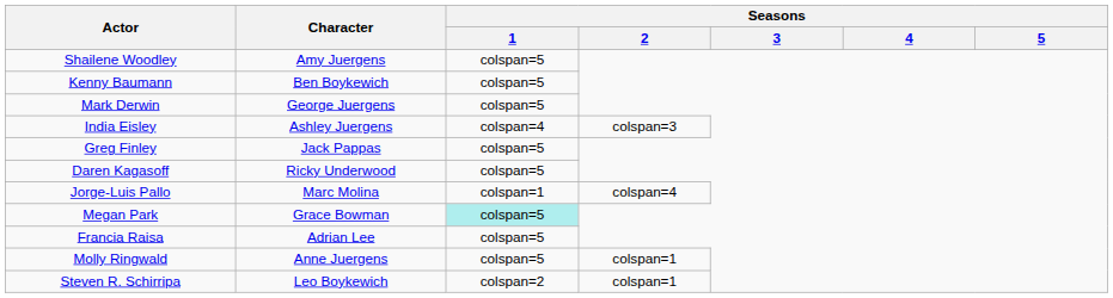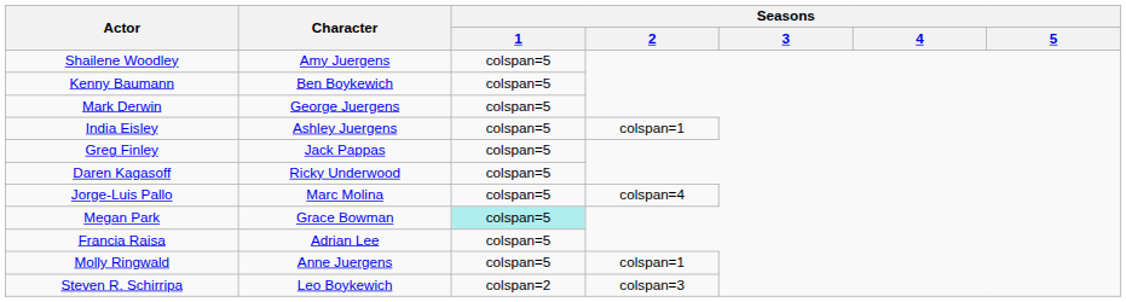 <table class="wikitable sortable" width="100%" style="text-align:center">
 <tr>
 <th scope="col" rowspan="2">Actor</th>
 <th scope="col" rowspan="2">Character</th>
 <th scope="col" colspan="5">Seasons</th>
 </tr>
 <tr>
 <th style="width:12%;"><a href='#'>1</a></th>
 <th style="width:12%;"><a href='#'>2</a></th>
 <th style="width:12%;"><a href='#'>3</a></th>
 <th style="width:12%;"><a href='#'>4</a></th>
 <th style="width:12%;"><a href='#'>5</a></th>
 </tr>
 <tr>
 <td><a href='#'>Shailene Woodley</a></td>
 <td><a href='#'>Amy Juergens</a></td>
 <td>colspan=5 </td>
 </tr>
 <tr>
 <td><a href='#'>Kenny Baumann</a></td>
 <td><a href='#'>Ben Boykewich</a></td>
 <td>colspan=5 </td>
 </tr>
 <tr>
 <td><a href='#'>Mark Derwin</a></td>
 <td><a href='#'>George Juergens</a></td>
 <td>colspan=5 </td>
 </tr>
 <tr>
 <td><a href='#'>India Eisley</a></td>
 <td><a href='#'>Ashley Juergens</a></td>
-<td>colspan=4 </td>
-<td>colspan=3 </td>
+<td>colspan=5 </td>
+<td>colspan=1 </td>
 </tr>
 <tr>
 <td><a href='#'>Greg Finley</a></td>
 <td><a href='#'>Jack Pappas</a></td>
 <td>colspan=5 </td>
 </tr>
 <tr>
 <td><a href='#'>Daren Kagasoff</a></td>
 <td><a href='#'>Ricky Underwood</a></td>
 <td>colspan=5 </td>
 </tr>
 <tr>
 <td><a href='#'>Jorge-Luis Pallo</a></td>
 <td><a href='#'>Marc Molina</a></td>
-<td>colspan=1 </td>
+<td>colspan=5 </td>
 <td>colspan=4 </td>
 </tr>
 <tr>
 <td><a href='#'>Megan Park</a></td>
 <td><a href='#'>Grace Bowman</a></td>
 <td style="background: paleturquoise;">colspan=5 </td>
 </tr>
 <tr>
 <td><a href='#'>Francia Raisa</a></td>
 <td><a href='#'>Adrian Lee</a></td>
 <td>colspan=5 </td>
 </tr>
 <tr>
 <td><a href='#'>Molly Ringwald</a></td>
 <td><a href='#'>Anne Juergens</a></td>
 <td>colspan=5 </td>
 <td>colspan=1 </td>
 </tr>
 <tr>
 <td><a href='#'>Steven R. Schirripa</a></td>
 <td><a href='#'>Leo Boykewich</a></td>
 <td>colspan=2 </td>
-<td>colspan=1 </td>
+<td>colspan=3 </td>
 </tr>
 </table>
